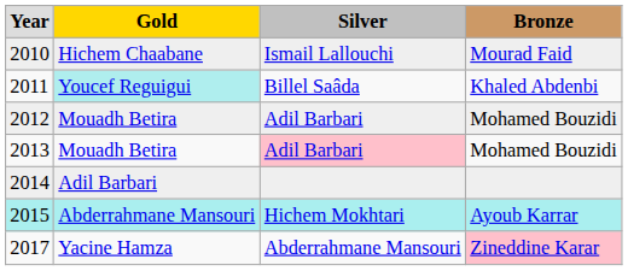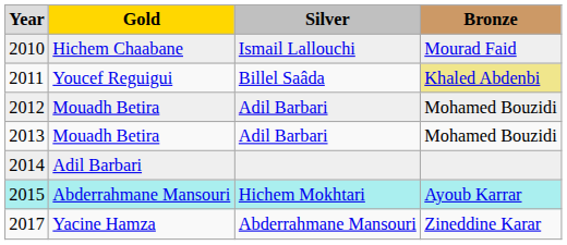 <table class="wikitable sortable" style="font-size:95%">
 <tr style="text-align:center; background:#e4e4e4; font-weight:bold;">
 <td style="background:#ddd; ">Year</td>
 <td style="background:gold; ">Gold</td>
 <td style="background:silver; ">Silver</td>
 <td style="background:#c96; ">Bronze</td>
 </tr>
 <tr bgcolor="#EFEFEF">
 <td>2010</td>
 <td><a href='#'>Hichem  Chaabane</a></td>
 <td><a href='#'>Ismail Lallouchi</a></td>
 <td><a href='#'>Mourad Faid</a></td>
 </tr>
 <tr ---->
 <td>2011</td>
-<td style="background: paleturquoise;"><a href='#'>Youcef Reguigui</a></td>
+<td><a href='#'>Youcef Reguigui</a></td>
 <td><a href='#'>Billel Saâda</a></td>
-<td><a href='#'>Khaled Abdenbi</a></td>
+<td style="background: khaki;"><a href='#'>Khaled Abdenbi</a></td>
 </tr>
 <tr bgcolor="#EFEFEF">
 <td>2012</td>
 <td><a href='#'>Mouadh Betira</a></td>
 <td><a href='#'>Adil Barbari</a></td>
 <td>Mohamed Bouzidi</td>
 </tr>
 <tr ---->
 <td>2013</td>
 <td><a href='#'>Mouadh Betira</a></td>
-<td style="background: pink;"><a href='#'>Adil Barbari</a></td>
+<td><a href='#'>Adil Barbari</a></td>
 <td>Mohamed Bouzidi</td>
 </tr>
 <tr bgcolor="#EFEFEF">
 <td>2014</td>
 <td><a href='#'>Adil Barbari</a></td>
 <td></td>
 <td></td>
 </tr>
 <tr bgcolor="#AAEFEF">
 <td>2015</td>
 <td><a href='#'>Abderrahmane Mansouri</a></td>
 <td><a href='#'>Hichem Mokhtari</a></td>
 <td><a href='#'>Ayoub Karrar</a></td>
 </tr>
 <tr>
 <td>2017</td>
 <td><a href='#'>Yacine Hamza</a></td>
 <td><a href='#'>Abderrahmane Mansouri</a></td>
-<td style="background: pink;"><a href='#'>Zineddine Karar</a></td>
+<td><a href='#'>Zineddine Karar</a></td>
 </tr>
 </table>
